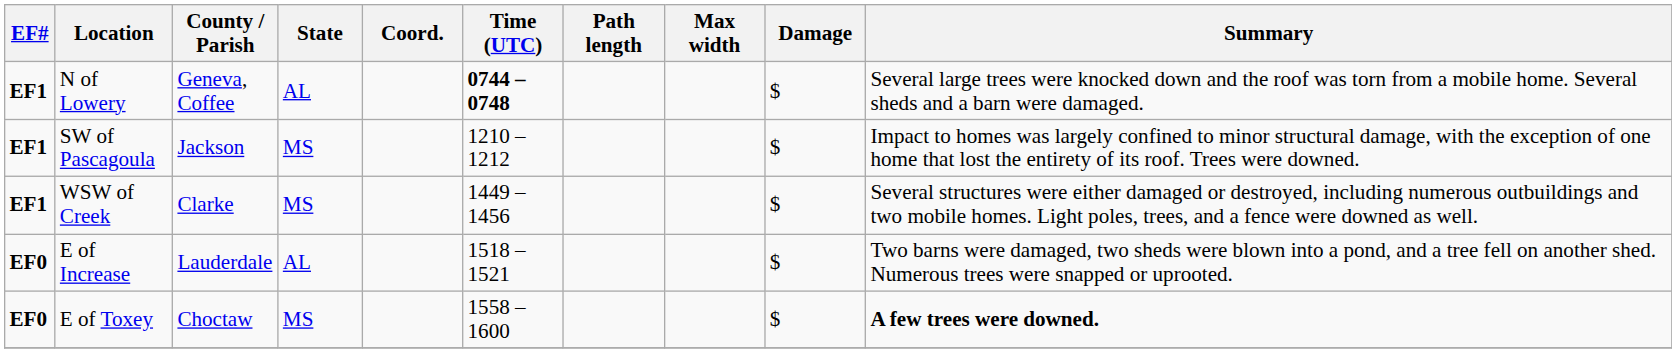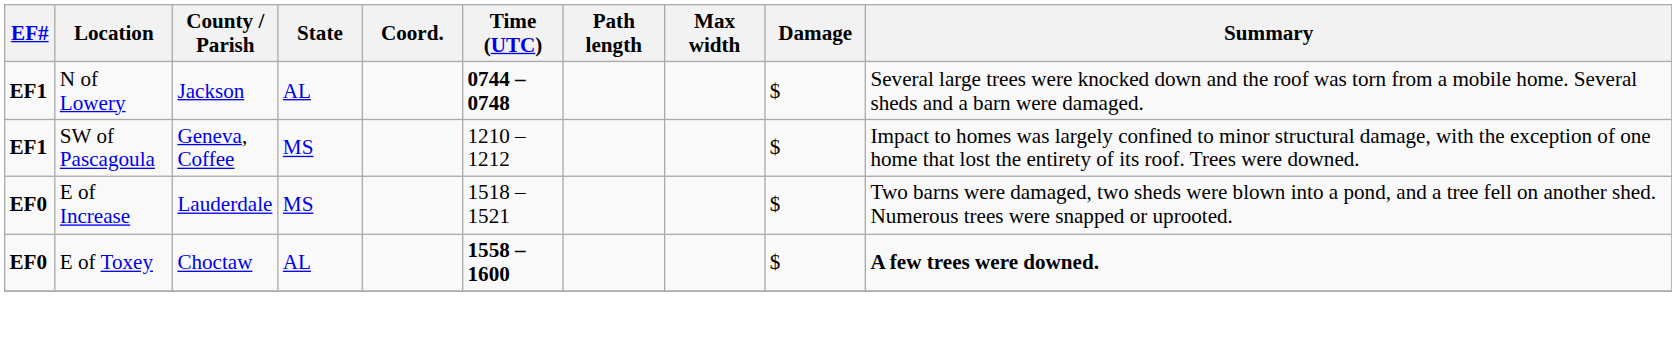 <table class="wikitable sortable" style="width:100%;">
 <tr>
 <th scope="col" width="3%" align="center"><a href='#'>EF#</a></th>
 <th scope="col" width="7%" align="center" class="unsortable">Location</th>
 <th scope="col" width="6%" align="center" class="unsortable">County / Parish</th>
 <th scope="col" width="5%" align="center">State</th>
 <th scope="col" width="6%" align="center">Coord.</th>
 <th scope="col" width="6%" align="center">Time (<a href='#'>UTC</a>)</th>
 <th scope="col" width="6%" align="center">Path length</th>
 <th scope="col" width="6%" align="center">Max width</th>
 <th scope="col" width="6%" align="center">Damage</th>
 <th scope="col" width="48%" class="unsortable" align="center">Summary</th>
 </tr>
 <tr>
 <td><strong>EF1</strong></td>
 <td>N of <a href='#'>Lowery</a></td>
-<td><a href='#'>Geneva</a>, <a href='#'>Coffee</a></td>
+<td><a href='#'>Jackson</a></td>
 <td><a href='#'>AL</a></td>
 <td></td>
 <td><strong>0744 – 0748</strong></td>
 <td></td>
 <td></td>
 <td>$</td>
 <td>Several large trees were knocked down and the roof was torn from a mobile home. Several sheds and a barn were damaged.</td>
 </tr>
 <tr>
 <td><strong>EF1</strong></td>
 <td>SW of <a href='#'>Pascagoula</a></td>
-<td><a href='#'>Jackson</a></td>
+<td><a href='#'>Geneva</a>, <a href='#'>Coffee</a></td>
 <td><a href='#'>MS</a></td>
 <td></td>
 <td>1210 – 1212</td>
 <td></td>
 <td></td>
 <td>$</td>
 <td>Impact to homes was largely confined to minor structural damage, with the exception of one home that lost the entirety of its roof. Trees were downed.</td>
 </tr>
 <tr>
-<td><strong>EF1</strong></td>
-<td>WSW of <a href='#'>Creek</a></td>
-<td><a href='#'>Clarke</a></td>
-<td><a href='#'>MS</a></td>
-<td></td>
-<td>1449 – 1456</td>
-<td></td>
-<td></td>
-<td>$</td>
-<td>Several structures were either damaged or destroyed, including numerous outbuildings and two mobile homes. Light poles, trees, and a fence were downed as well.</td>
-</tr>
-<tr>
 <td><strong>EF0</strong></td>
 <td>E of <a href='#'>Increase</a></td>
 <td><a href='#'>Lauderdale</a></td>
-<td><a href='#'>AL</a></td>
+<td><a href='#'>MS</a></td>
 <td></td>
 <td>1518 – 1521</td>
 <td></td>
 <td></td>
 <td>$</td>
 <td>Two barns were damaged, two sheds were blown into a pond, and a tree fell on another shed. Numerous trees were snapped or uprooted.</td>
 </tr>
 <tr>
 <td><strong>EF0</strong></td>
 <td>E of <a href='#'>Toxey</a></td>
 <td><a href='#'>Choctaw</a></td>
-<td><a href='#'>MS</a></td>
+<td><a href='#'>AL</a></td>
 <td></td>
-<td>1558 – 1600</td>
+<td><strong>1558 – 1600</strong></td>
 <td></td>
 <td></td>
 <td>$</td>
 <td><strong>A few trees were downed.</strong></td>
 </tr>
 <tr>
 </tr>
 </table>
